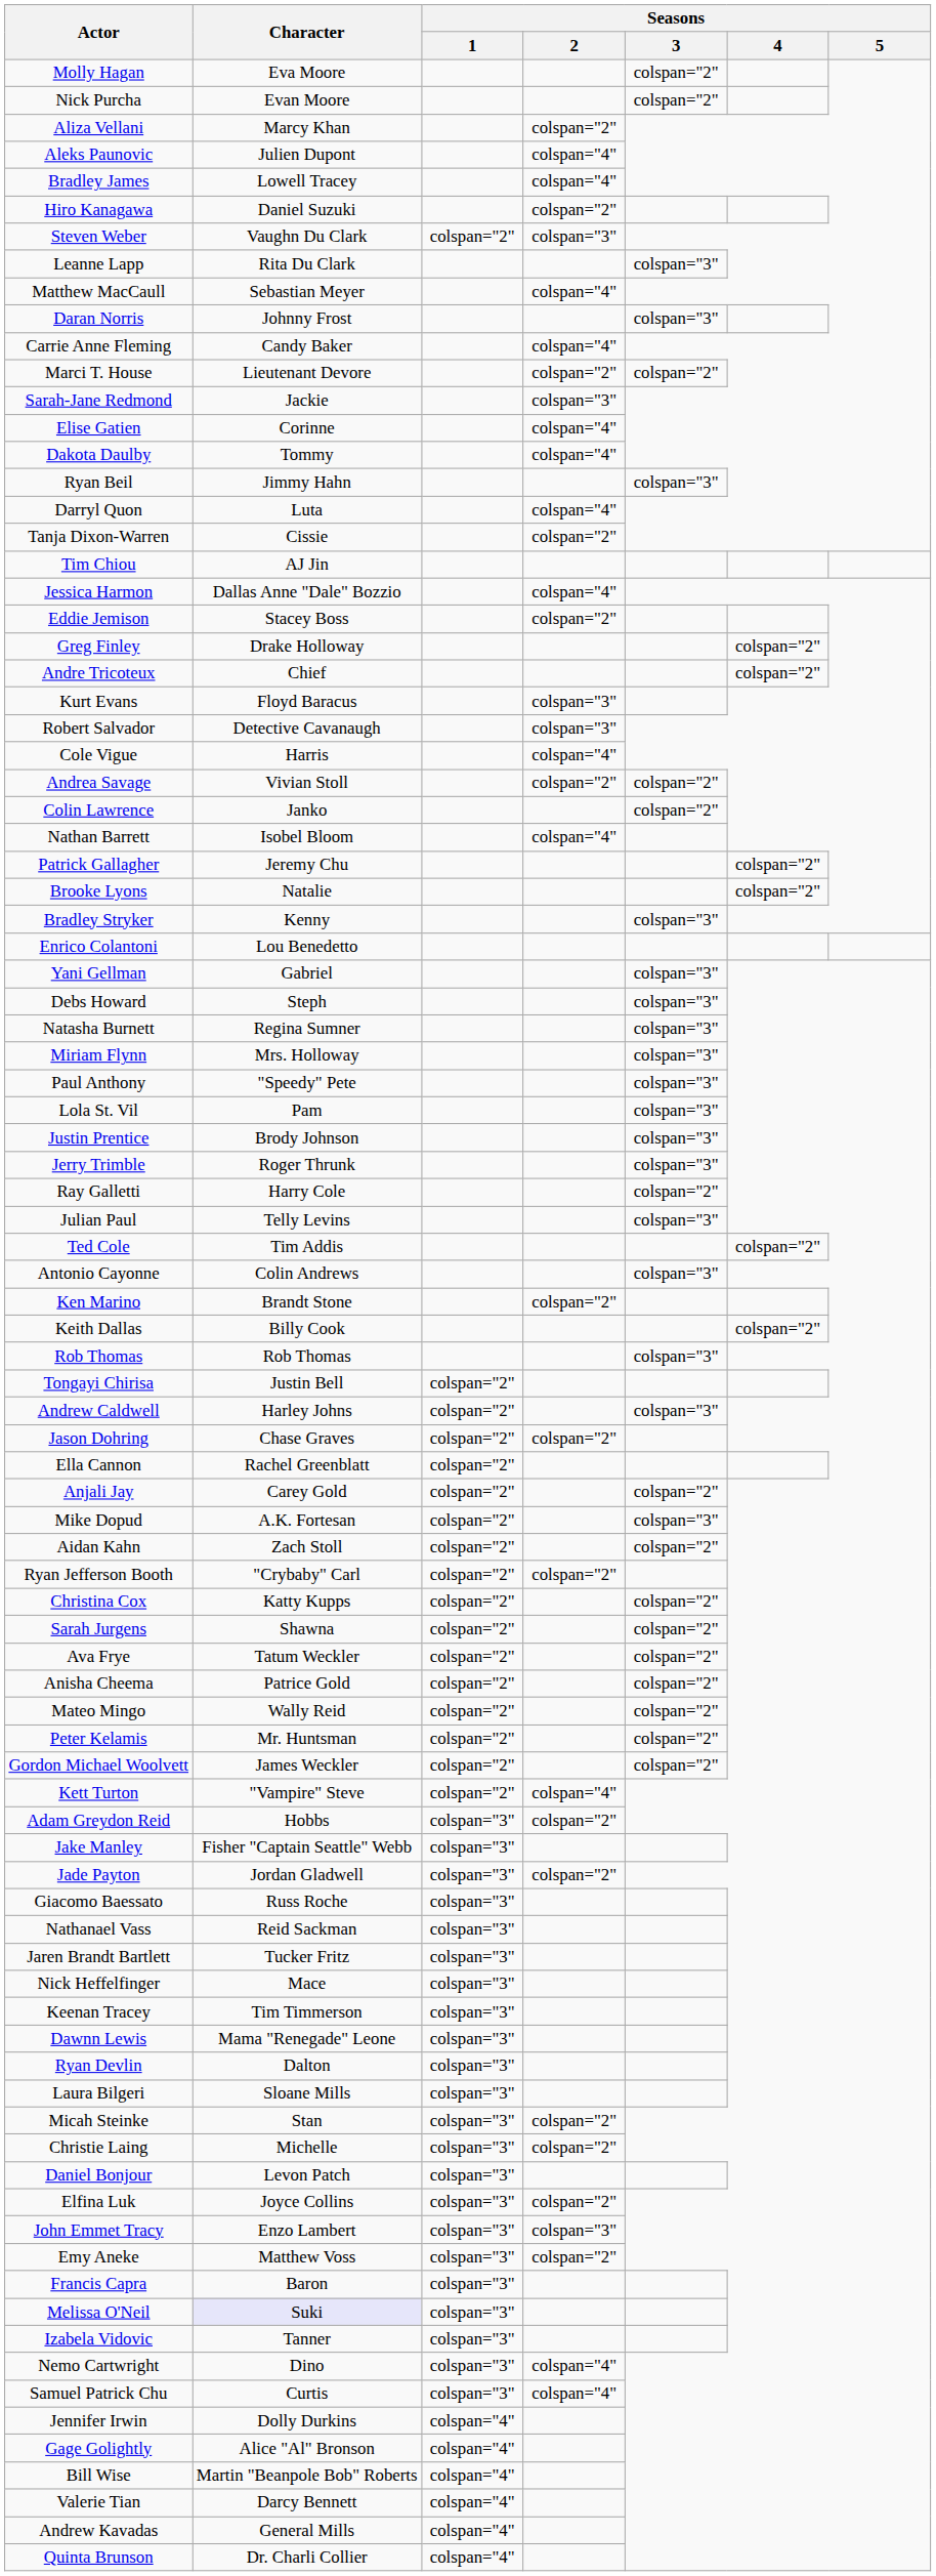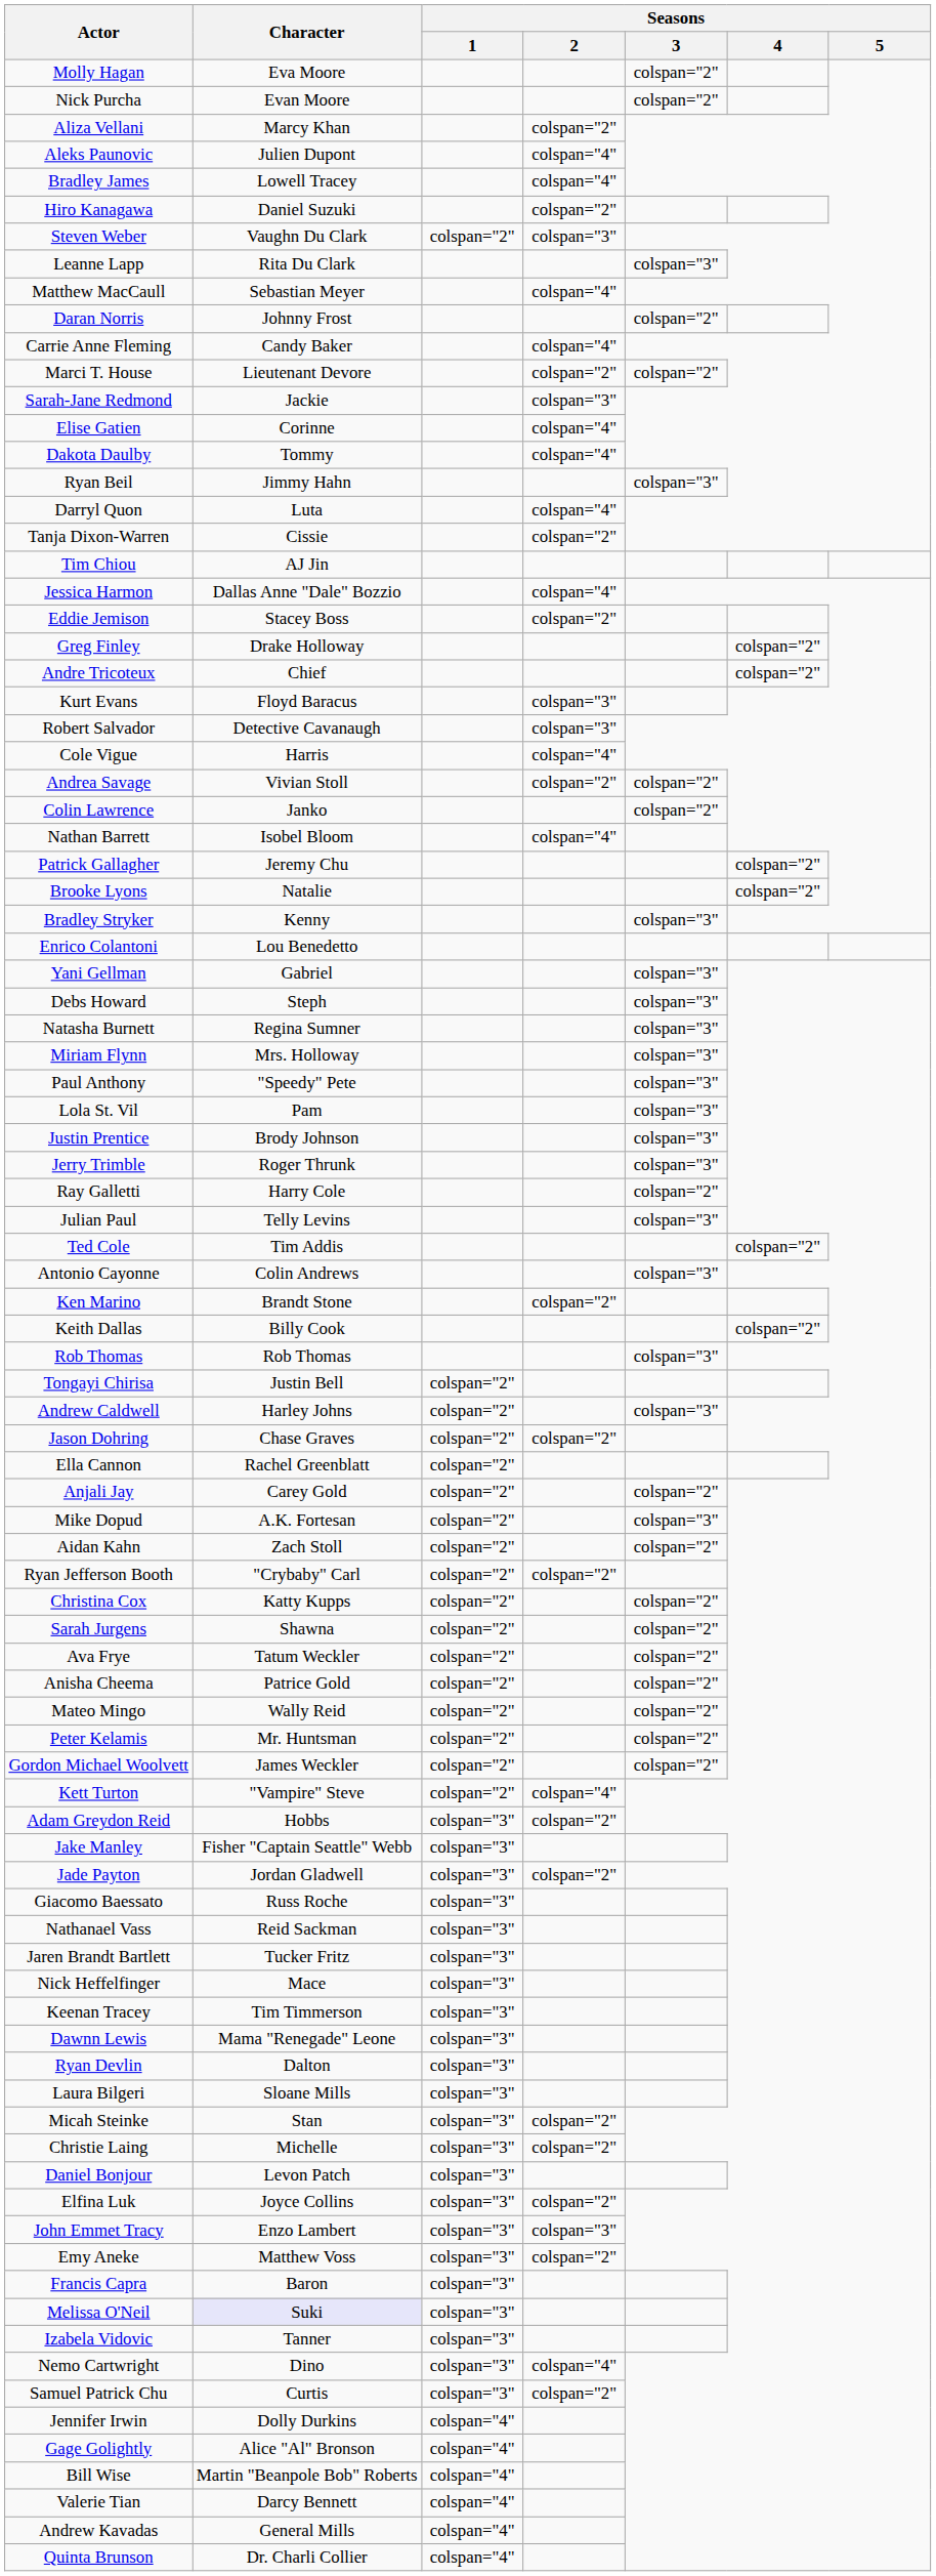 <table class="wikitable plainrowheaders" style="text-align:center;">
 <tr>
 <th scope="col" rowspan="2">Actor</th>
 <th scope="col" rowspan="2">Character</th>
 <th scope="col" colspan="8">Seasons</th>
 </tr>
 <tr>
 <th scope="col" style="width:11%;">1</th>
 <th scope="col" style="width:11%;">2</th>
 <th scope="col" style="width:11%;">3</th>
 <th scope="col" style="width:11%;">4</th>
 <th scope="col" style="width:11%;">5</th>
 </tr>
 <tr>
 <td scope="row"><a href='#'>Molly Hagan</a></td>
 <td>Eva Moore</td>
 <td></td>
 <td></td>
 <td>colspan="2" </td>
 <td></td>
 </tr>
 <tr>
 <td scope="row">Nick Purcha</td>
 <td>Evan Moore</td>
 <td></td>
 <td></td>
 <td>colspan="2" </td>
 <td></td>
 </tr>
 <tr>
 <td scope="row"><a href='#'>Aliza Vellani</a></td>
 <td>Marcy Khan</td>
 <td></td>
 <td>colspan="2" </td>
 </tr>
 <tr>
 <td scope="row"><a href='#'>Aleks Paunovic</a></td>
 <td>Julien Dupont</td>
 <td></td>
 <td>colspan="4" </td>
 </tr>
 <tr>
 <td scope="row"><a href='#'>Bradley James</a></td>
 <td>Lowell Tracey</td>
 <td></td>
 <td>colspan="4" </td>
 </tr>
 <tr>
 <td scope="row"><a href='#'>Hiro Kanagawa</a></td>
 <td>Daniel Suzuki</td>
 <td></td>
 <td>colspan="2" </td>
 <td></td>
 <td></td>
 </tr>
 <tr>
 <td scope="row"><a href='#'>Steven Weber</a></td>
 <td>Vaughn Du Clark</td>
 <td>colspan="2" </td>
 <td>colspan="3" </td>
 </tr>
 <tr>
 <td scope="row">Leanne Lapp</td>
 <td>Rita Du Clark</td>
 <td></td>
 <td></td>
 <td>colspan="3" </td>
 </tr>
 <tr>
 <td scope="row">Matthew MacCaull</td>
 <td>Sebastian Meyer</td>
 <td></td>
 <td>colspan="4" </td>
 </tr>
 <tr>
 <td scope="row"><a href='#'>Daran Norris</a></td>
 <td>Johnny Frost</td>
 <td></td>
 <td></td>
-<td>colspan="3" </td>
+<td>colspan="2" </td>
 <td></td>
 </tr>
 <tr>
 <td scope="row">Carrie Anne Fleming</td>
 <td>Candy Baker</td>
 <td></td>
 <td>colspan="4" </td>
 </tr>
 <tr>
 <td scope="row">Marci T. House</td>
 <td>Lieutenant Devore</td>
 <td></td>
 <td>colspan="2" </td>
 <td>colspan="2" </td>
 </tr>
 <tr>
 <td scope="row"><a href='#'>Sarah-Jane Redmond</a></td>
 <td>Jackie</td>
 <td></td>
 <td>colspan="3" </td>
 </tr>
 <tr>
 <td scope="row"><a href='#'>Elise Gatien</a></td>
 <td>Corinne</td>
 <td></td>
 <td>colspan="4" </td>
 </tr>
 <tr>
 <td scope="row"><a href='#'>Dakota Daulby</a></td>
 <td>Tommy</td>
 <td></td>
 <td>colspan="4" </td>
 </tr>
 <tr>
 <td scope="row">Ryan Beil</td>
 <td>Jimmy Hahn</td>
 <td></td>
 <td></td>
 <td>colspan="3" </td>
 </tr>
 <tr>
 <td scope="row">Darryl Quon</td>
 <td>Luta</td>
 <td></td>
 <td>colspan="4" </td>
 </tr>
 <tr>
 <td scope="row">Tanja Dixon-Warren</td>
 <td>Cissie</td>
 <td></td>
 <td>colspan="2" </td>
 </tr>
 <tr>
 <td scope="row"><a href='#'>Tim Chiou</a></td>
 <td>AJ Jin</td>
 <td></td>
 <td></td>
 <td></td>
 <td></td>
 <td></td>
 </tr>
 <tr>
 <td scope="row"><a href='#'>Jessica Harmon</a></td>
 <td>Dallas Anne "Dale" Bozzio</td>
 <td></td>
 <td>colspan="4" </td>
 </tr>
 <tr>
 <td scope="row"><a href='#'>Eddie Jemison</a></td>
 <td>Stacey Boss</td>
 <td></td>
 <td>colspan="2" </td>
 <td></td>
 <td></td>
 </tr>
 <tr>
 <td scope="row"><a href='#'>Greg Finley</a></td>
 <td>Drake Holloway</td>
 <td></td>
 <td></td>
 <td></td>
 <td>colspan="2" </td>
 </tr>
 <tr>
 <td scope="row"><a href='#'>Andre Tricoteux</a></td>
 <td>Chief</td>
 <td></td>
 <td></td>
 <td></td>
 <td>colspan="2" </td>
 </tr>
 <tr>
 <td scope="row">Kurt Evans</td>
 <td>Floyd Baracus</td>
 <td></td>
 <td>colspan="3" </td>
 <td></td>
 </tr>
 <tr>
 <td scope="row">Robert Salvador</td>
 <td>Detective Cavanaugh</td>
 <td></td>
 <td>colspan="3" </td>
 </tr>
 <tr>
 <td scope="row">Cole Vigue</td>
 <td>Harris</td>
 <td></td>
 <td>colspan="4" </td>
 </tr>
 <tr>
 <td scope="row"><a href='#'>Andrea Savage</a></td>
 <td>Vivian Stoll</td>
 <td></td>
 <td>colspan="2" </td>
 <td>colspan="2" </td>
 </tr>
 <tr>
 <td scope="row"><a href='#'>Colin Lawrence</a></td>
 <td>Janko</td>
 <td></td>
 <td></td>
 <td>colspan="2" </td>
 </tr>
 <tr>
 <td scope="row">Nathan Barrett</td>
 <td>Isobel Bloom</td>
 <td></td>
 <td>colspan="4" </td>
 <td></td>
 </tr>
 <tr>
 <td scope="row"><a href='#'>Patrick Gallagher</a></td>
 <td>Jeremy Chu</td>
 <td></td>
 <td></td>
 <td></td>
 <td>colspan="2" </td>
 </tr>
 <tr>
 <td scope="row"><a href='#'>Brooke Lyons</a></td>
 <td>Natalie</td>
 <td></td>
 <td></td>
 <td></td>
 <td>colspan="2" </td>
 </tr>
 <tr>
 <td scope="row"><a href='#'>Bradley Stryker</a></td>
 <td>Kenny</td>
 <td></td>
 <td></td>
 <td>colspan="3" </td>
 </tr>
 <tr>
 <td scope="row"><a href='#'>Enrico Colantoni</a></td>
 <td>Lou Benedetto</td>
 <td></td>
 <td></td>
 <td></td>
 <td></td>
 <td></td>
 </tr>
 <tr>
 <td scope="row"><a href='#'>Yani Gellman</a></td>
 <td>Gabriel</td>
 <td></td>
 <td></td>
 <td>colspan="3" </td>
 </tr>
 <tr>
 <td scope="row">Debs Howard</td>
 <td>Steph</td>
 <td></td>
 <td></td>
 <td>colspan="3" </td>
 </tr>
 <tr>
 <td scope="row">Natasha Burnett</td>
 <td>Regina Sumner</td>
 <td></td>
 <td></td>
 <td>colspan="3" </td>
 </tr>
 <tr>
 <td scope="row"><a href='#'>Miriam Flynn</a></td>
 <td>Mrs. Holloway</td>
 <td></td>
 <td></td>
 <td>colspan="3" </td>
 </tr>
 <tr>
 <td scope="row">Paul Anthony</td>
 <td>"Speedy" Pete</td>
 <td></td>
 <td></td>
 <td>colspan="3" </td>
 </tr>
 <tr>
 <td scope="row">Lola St. Vil</td>
 <td>Pam</td>
 <td></td>
 <td></td>
 <td>colspan="3" </td>
 </tr>
 <tr>
 <td scope="row"><a href='#'>Justin Prentice</a></td>
 <td>Brody Johnson</td>
 <td></td>
 <td></td>
 <td>colspan="3" </td>
 </tr>
 <tr>
 <td scope="row"><a href='#'>Jerry Trimble</a></td>
 <td>Roger Thrunk</td>
 <td></td>
 <td></td>
 <td>colspan="3" </td>
 </tr>
 <tr>
 <td scope="row">Ray Galletti</td>
 <td>Harry Cole</td>
 <td></td>
 <td></td>
 <td>colspan="2" </td>
 </tr>
 <tr>
 <td scope="row">Julian Paul</td>
 <td>Telly Levins</td>
 <td></td>
 <td></td>
 <td>colspan="3" </td>
 </tr>
 <tr>
 <td scope="row"><a href='#'>Ted Cole</a></td>
 <td>Tim Addis</td>
 <td></td>
 <td></td>
 <td></td>
 <td>colspan="2" </td>
 </tr>
 <tr>
 <td scope="row">Antonio Cayonne</td>
 <td>Colin Andrews</td>
 <td></td>
 <td></td>
 <td>colspan="3" </td>
 </tr>
 <tr>
 <td scope="row"><a href='#'>Ken Marino</a></td>
 <td>Brandt Stone</td>
 <td></td>
 <td>colspan="2" </td>
 <td></td>
 <td></td>
 </tr>
 <tr>
 <td scope="row">Keith Dallas</td>
 <td>Billy Cook</td>
 <td></td>
 <td></td>
 <td></td>
 <td>colspan="2" </td>
 </tr>
 <tr>
 <td scope="row"><a href='#'>Rob Thomas</a></td>
 <td>Rob Thomas</td>
 <td></td>
 <td></td>
 <td>colspan="3" </td>
 </tr>
 <tr>
 <td scope="row"><a href='#'>Tongayi Chirisa</a></td>
 <td>Justin Bell</td>
 <td>colspan="2" </td>
 <td></td>
 <td></td>
 <td></td>
 </tr>
 <tr>
 <td scope="row"><a href='#'>Andrew Caldwell</a></td>
 <td>Harley Johns</td>
 <td>colspan="2" </td>
 <td></td>
 <td>colspan="3" </td>
 </tr>
 <tr>
 <td scope="row"><a href='#'>Jason Dohring</a></td>
 <td>Chase Graves</td>
 <td>colspan="2" </td>
 <td>colspan="2" </td>
 <td></td>
 </tr>
 <tr>
 <td scope="row">Ella Cannon</td>
 <td>Rachel Greenblatt</td>
 <td>colspan="2" </td>
 <td></td>
 <td></td>
 <td></td>
 </tr>
 <tr>
 <td scope="row"><a href='#'>Anjali Jay</a></td>
 <td>Carey Gold</td>
 <td>colspan="2" </td>
 <td></td>
 <td>colspan="2" </td>
 </tr>
 <tr>
 <td scope="row">Mike Dopud</td>
 <td>A.K. Fortesan</td>
 <td>colspan="2" </td>
 <td></td>
 <td>colspan="3" </td>
 </tr>
 <tr>
 <td scope="row">Aidan Kahn</td>
 <td>Zach Stoll</td>
 <td>colspan="2" </td>
 <td></td>
 <td>colspan="2" </td>
 </tr>
 <tr>
 <td scope="row">Ryan Jefferson Booth</td>
 <td>"Crybaby" Carl</td>
 <td>colspan="2" </td>
 <td>colspan="2" </td>
 <td></td>
 </tr>
 <tr>
 <td scope="row"><a href='#'>Christina Cox</a></td>
 <td>Katty Kupps</td>
 <td>colspan="2" </td>
 <td></td>
 <td>colspan="2" </td>
 </tr>
 <tr>
 <td scope="row"><a href='#'>Sarah Jurgens</a></td>
 <td>Shawna</td>
 <td>colspan="2" </td>
 <td></td>
 <td>colspan="2" </td>
 </tr>
 <tr>
 <td scope="row">Ava Frye</td>
 <td>Tatum Weckler</td>
 <td>colspan="2" </td>
 <td></td>
 <td>colspan="2" </td>
 </tr>
 <tr>
 <td scope="row">Anisha Cheema</td>
 <td>Patrice Gold</td>
 <td>colspan="2" </td>
 <td></td>
 <td>colspan="2" </td>
 </tr>
 <tr>
 <td scope="row">Mateo Mingo</td>
 <td>Wally Reid</td>
 <td>colspan="2" </td>
 <td></td>
 <td>colspan="2" </td>
 </tr>
 <tr>
 <td scope="row"><a href='#'>Peter Kelamis</a></td>
 <td>Mr. Huntsman</td>
 <td>colspan="2" </td>
 <td></td>
 <td>colspan="2" </td>
 </tr>
 <tr>
 <td scope="row"><a href='#'>Gordon Michael Woolvett</a></td>
 <td>James Weckler</td>
 <td>colspan="2" </td>
 <td></td>
 <td>colspan="2" </td>
 </tr>
 <tr>
 <td scope="row"><a href='#'>Kett Turton</a></td>
 <td>"Vampire" Steve</td>
 <td>colspan="2" </td>
 <td>colspan="4" </td>
 </tr>
 <tr>
 <td scope="row"><a href='#'>Adam Greydon Reid</a></td>
 <td>Hobbs</td>
 <td>colspan="3" </td>
 <td>colspan="2" </td>
 </tr>
 <tr>
 <td scope="row"><a href='#'>Jake Manley</a></td>
 <td>Fisher "Captain Seattle" Webb</td>
 <td>colspan="3" </td>
 <td></td>
 <td></td>
 </tr>
 <tr>
 <td scope="row"><a href='#'>Jade Payton</a></td>
 <td>Jordan Gladwell</td>
 <td>colspan="3" </td>
 <td>colspan="2" </td>
 </tr>
 <tr>
 <td scope="row">Giacomo Baessato</td>
 <td>Russ Roche</td>
 <td>colspan="3" </td>
 <td></td>
 <td></td>
 </tr>
 <tr>
 <td scope="row">Nathanael Vass</td>
 <td>Reid Sackman</td>
 <td>colspan="3" </td>
 <td></td>
 <td></td>
 </tr>
 <tr>
 <td scope="row">Jaren Brandt Bartlett</td>
 <td>Tucker Fritz</td>
 <td>colspan="3" </td>
 <td></td>
 <td></td>
 </tr>
 <tr>
 <td scope="row">Nick Heffelfinger</td>
 <td>Mace</td>
 <td>colspan="3" </td>
 <td></td>
 <td></td>
 </tr>
 <tr>
 <td scope="row">Keenan Tracey</td>
 <td>Tim Timmerson</td>
 <td>colspan="3" </td>
 <td></td>
 <td></td>
 </tr>
 <tr>
 <td scope="row"><a href='#'>Dawnn Lewis</a></td>
 <td>Mama "Renegade" Leone</td>
 <td>colspan="3" </td>
 <td></td>
 <td></td>
 </tr>
 <tr>
 <td scope="row"><a href='#'>Ryan Devlin</a></td>
 <td>Dalton</td>
 <td>colspan="3" </td>
 <td></td>
 <td></td>
 </tr>
 <tr>
 <td scope="row">Laura Bilgeri</td>
 <td>Sloane Mills</td>
 <td>colspan="3" </td>
 <td></td>
 <td></td>
 </tr>
 <tr>
 <td scope="row">Micah Steinke</td>
 <td>Stan</td>
 <td>colspan="3" </td>
 <td>colspan="2" </td>
 </tr>
 <tr>
 <td scope="row">Christie Laing</td>
 <td>Michelle</td>
 <td>colspan="3" </td>
 <td>colspan="2" </td>
 </tr>
 <tr>
 <td scope="row"><a href='#'>Daniel Bonjour</a></td>
 <td>Levon Patch</td>
 <td>colspan="3" </td>
 <td></td>
 <td></td>
 </tr>
 <tr>
 <td scope="row">Elfina Luk</td>
 <td>Joyce Collins</td>
 <td>colspan="3" </td>
 <td>colspan="2" </td>
 </tr>
 <tr>
 <td scope="row"><a href='#'>John Emmet Tracy</a></td>
 <td>Enzo Lambert</td>
 <td>colspan="3" </td>
 <td>colspan="3" </td>
 </tr>
 <tr>
 <td scope="row">Emy Aneke</td>
 <td>Matthew Voss</td>
 <td>colspan="3" </td>
 <td>colspan="2" </td>
 </tr>
 <tr>
 <td scope="row"><a href='#'>Francis Capra</a></td>
 <td>Baron</td>
 <td>colspan="3" </td>
 <td></td>
 <td></td>
 </tr>
 <tr>
 <td scope="row"><a href='#'>Melissa O'Neil</a></td>
 <td style="background: lavender;">Suki</td>
 <td>colspan="3" </td>
 <td></td>
 <td></td>
 </tr>
 <tr>
 <td scope="row"><a href='#'>Izabela Vidovic</a></td>
 <td>Tanner</td>
 <td>colspan="3" </td>
 <td></td>
 <td></td>
 </tr>
 <tr>
 <td scope="row">Nemo Cartwright</td>
 <td>Dino</td>
 <td>colspan="3" </td>
 <td>colspan="4" </td>
 </tr>
 <tr>
 <td scope="row">Samuel Patrick Chu</td>
 <td>Curtis</td>
 <td>colspan="3" </td>
-<td>colspan="4" </td>
+<td>colspan="2" </td>
 </tr>
 <tr>
 <td scope="row">Jennifer Irwin</td>
 <td>Dolly Durkins</td>
 <td>colspan="4" </td>
 <td></td>
 </tr>
 <tr>
 <td scope="row"><a href='#'>Gage Golightly</a></td>
 <td>Alice "Al" Bronson</td>
 <td>colspan="4" </td>
 <td></td>
 </tr>
 <tr>
 <td scope="row">Bill Wise</td>
 <td>Martin "Beanpole Bob" Roberts</td>
 <td>colspan="4" </td>
 <td></td>
 </tr>
 <tr>
 <td scope="row">Valerie Tian</td>
 <td>Darcy Bennett</td>
 <td>colspan="4" </td>
 <td></td>
 </tr>
 <tr>
 <td scope="row">Andrew Kavadas</td>
 <td>General Mills</td>
 <td>colspan="4" </td>
 <td></td>
 </tr>
 <tr>
 <td scope="row"><a href='#'>Quinta Brunson</a></td>
 <td>Dr. Charli Collier</td>
 <td>colspan="4" </td>
 <td></td>
 </tr>
 </table>
